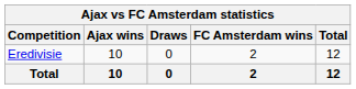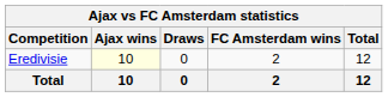 <table class="wikitable" style="font-size: 90%">
 <tr>
 <th colspan="5">Ajax vs FC Amsterdam statistics</th>
 </tr>
 <tr>
 <th>Competition</th>
 <th>Ajax wins</th>
 <th>Draws</th>
 <th>FC Amsterdam wins</th>
 <th>Total</th>
 </tr>
 <tr>
 <td><a href='#'>Eredivisie</a></td>
-<td style="text-align: center">10</td>
+<td style="background: lightyellow; text-align: center">10</td>
 <td style="text-align: center">0</td>
 <td style="text-align: center">2</td>
 <td style="text-align: center">12</td>
 </tr>
 <tr>
 <th>Total</th>
 <th>10</th>
 <th>0</th>
 <th>2</th>
 <th>12</th>
 </tr>
 </table>
